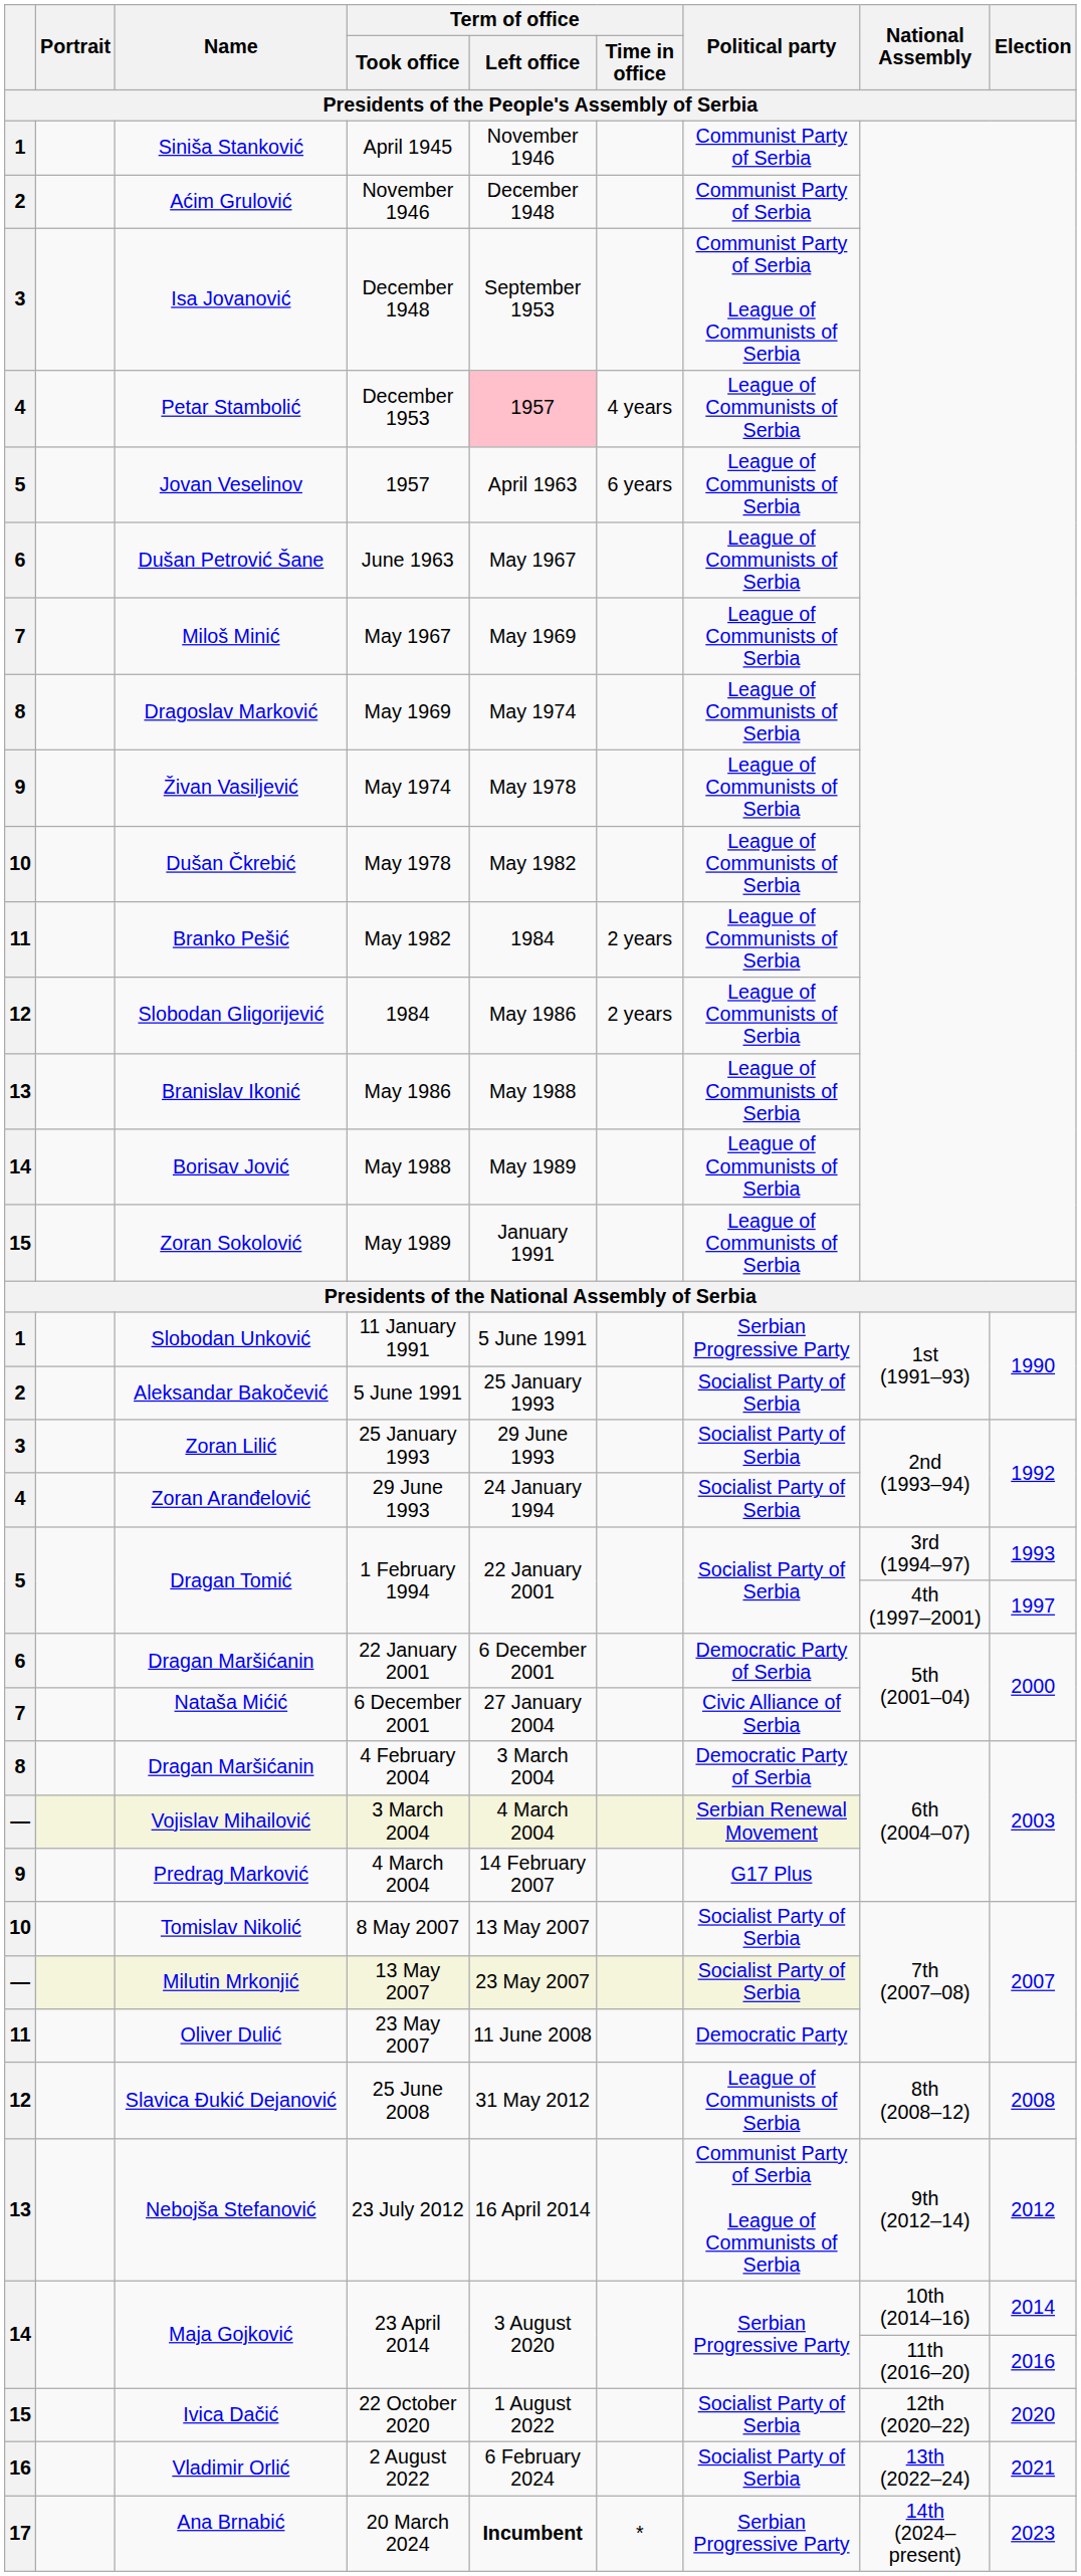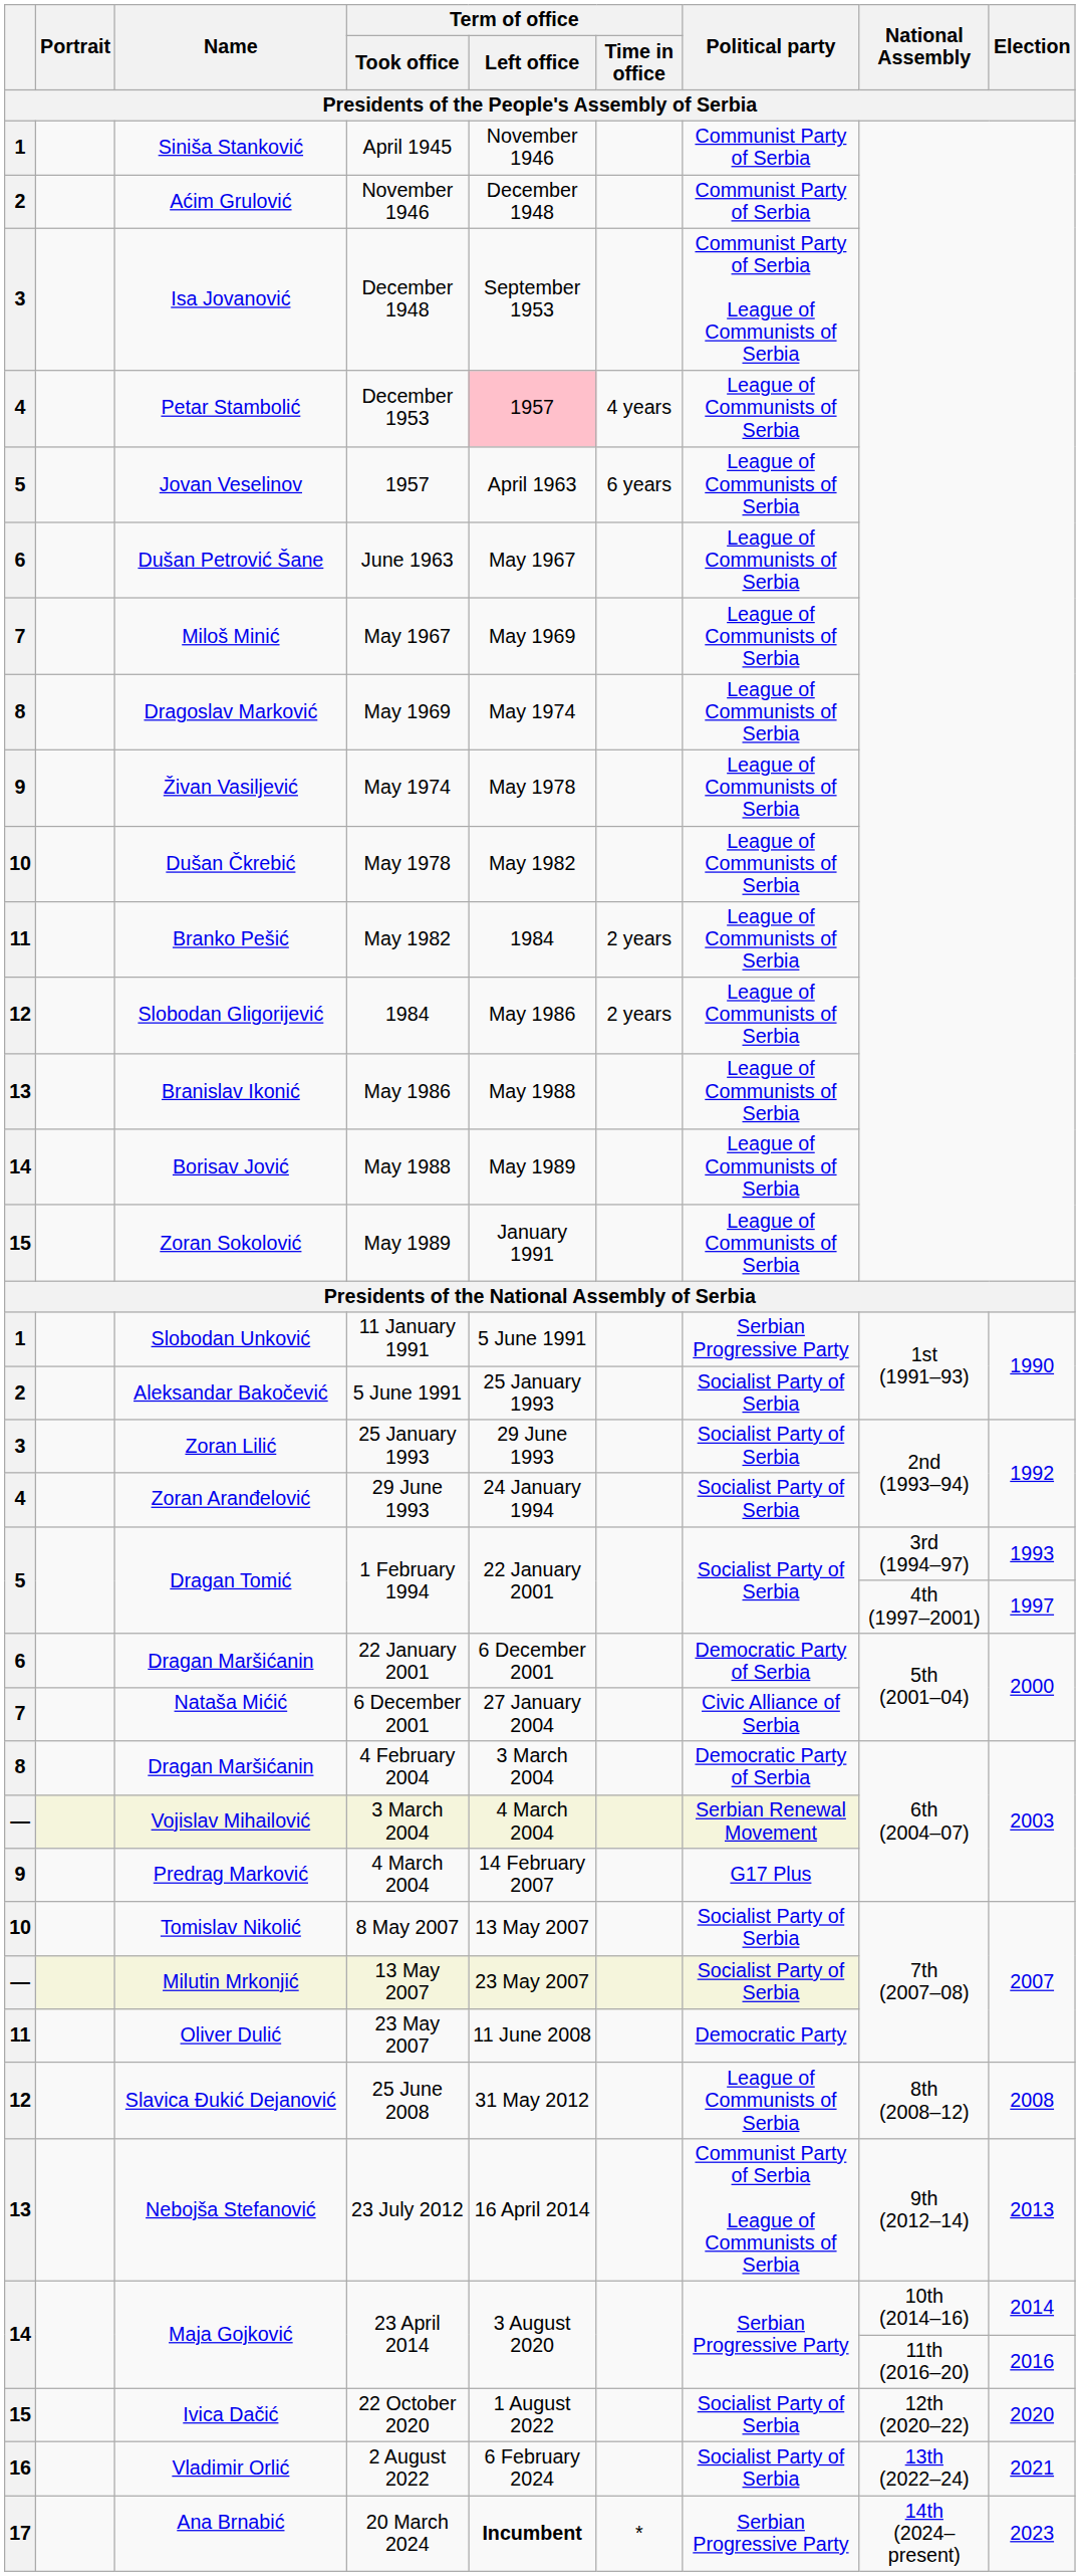 <table class="wikitable" style="text-align:center">
 <tr>
 <th rowspan=2></th>
 <th rowspan=2>Portrait</th>
 <th rowspan=2 width=180>Name<br></th>
 <th colspan=3>Term of office</th>
 <th rowspan=2>Political party</th>
 <th rowspan=2>National Assembly</th>
 <th rowspan=2>Election</th>
 </tr>
 <tr>
 <th>Took office</th>
 <th>Left office</th>
 <th>Time in office</th>
 </tr>
 <tr>
 <th colspan=9>Presidents of the People's Assembly of Serbia</th>
 </tr>
 <tr>
 <th style="background:">1</th>
 <td></td>
 <td><a href='#'>Siniša Stanković</a><br></td>
 <td>April 1945</td>
 <td>November 1946</td>
 <td></td>
 <td><a href='#'>Communist Party of Serbia</a></td>
 </tr>
 <tr>
 <th style="background:">2</th>
 <td></td>
 <td><a href='#'>Aćim Grulović</a><br></td>
 <td>November 1946</td>
 <td>December 1948</td>
 <td></td>
 <td><a href='#'>Communist Party of Serbia</a></td>
 </tr>
 <tr>
 <th style="background:">3</th>
 <td></td>
 <td><a href='#'>Isa Jovanović</a><br></td>
 <td>December 1948</td>
 <td>September 1953</td>
 <td></td>
 <td><a href='#'>Communist Party of Serbia</a><br><br><a href='#'>League of Communists of Serbia</a></td>
 </tr>
 <tr>
 <th style="background:">4</th>
 <td></td>
 <td><a href='#'>Petar Stambolić</a><br></td>
 <td>December 1953</td>
 <td style="background: pink;">1957</td>
 <td>4 years</td>
 <td><a href='#'>League of Communists of Serbia</a></td>
 </tr>
 <tr>
 <th style="background:">5</th>
 <td></td>
 <td><a href='#'>Jovan Veselinov</a><br></td>
 <td>1957</td>
 <td>April 1963</td>
 <td>6 years</td>
 <td><a href='#'>League of Communists of Serbia</a></td>
 </tr>
 <tr>
 <th style="background:">6</th>
 <td></td>
 <td><a href='#'>Dušan Petrović Šane</a><br></td>
 <td>June 1963</td>
 <td>May 1967</td>
 <td></td>
 <td><a href='#'>League of Communists of Serbia</a></td>
 </tr>
 <tr>
 <th style="background:">7</th>
 <td></td>
 <td><a href='#'>Miloš Minić</a><br></td>
 <td>May 1967</td>
 <td>May 1969</td>
 <td></td>
 <td><a href='#'>League of Communists of Serbia</a></td>
 </tr>
 <tr>
 <th style="background:">8</th>
 <td></td>
 <td><a href='#'>Dragoslav Marković</a><br></td>
 <td>May 1969</td>
 <td>May 1974</td>
 <td></td>
 <td><a href='#'>League of Communists of Serbia</a></td>
 </tr>
 <tr>
 <th style="background:">9</th>
 <td></td>
 <td><a href='#'>Živan Vasiljević</a><br></td>
 <td>May 1974</td>
 <td>May 1978</td>
 <td></td>
 <td><a href='#'>League of Communists of Serbia</a></td>
 </tr>
 <tr>
 <th style="background:">10</th>
 <td></td>
 <td><a href='#'>Dušan Čkrebić</a><br></td>
 <td>May 1978</td>
 <td>May 1982</td>
 <td></td>
 <td><a href='#'>League of Communists of Serbia</a></td>
 </tr>
 <tr>
 <th style="background:">11</th>
 <td></td>
 <td><a href='#'>Branko Pešić</a><br></td>
 <td>May 1982</td>
 <td>1984</td>
 <td>2 years</td>
 <td><a href='#'>League of Communists of Serbia</a></td>
 </tr>
 <tr>
 <th style="background:">12</th>
 <td></td>
 <td><a href='#'>Slobodan Gligorijević</a><br></td>
 <td>1984</td>
 <td>May 1986</td>
 <td>2 years</td>
 <td><a href='#'>League of Communists of Serbia</a></td>
 </tr>
 <tr>
 <th style="background:">13</th>
 <td></td>
 <td><a href='#'>Branislav Ikonić</a><br></td>
 <td>May 1986</td>
 <td>May 1988</td>
 <td></td>
 <td><a href='#'>League of Communists of Serbia</a></td>
 </tr>
 <tr>
 <th style="background:">14</th>
 <td></td>
 <td><a href='#'>Borisav Jović</a><br></td>
 <td>May 1988</td>
 <td>May 1989</td>
 <td></td>
 <td><a href='#'>League of Communists of Serbia</a></td>
 </tr>
 <tr>
 <th style="background:">15</th>
 <td></td>
 <td><a href='#'>Zoran Sokolović</a><br></td>
 <td>May 1989</td>
 <td>January 1991</td>
 <td></td>
 <td><a href='#'>League of Communists of Serbia</a></td>
 </tr>
 <tr>
 <th colspan=9>Presidents of the National Assembly of Serbia</th>
 </tr>
 <tr>
 <th style="background:">1<br></th>
 <td></td>
 <td><a href='#'>Slobodan Unković</a><br></td>
 <td>11 January 1991</td>
 <td>5 June 1991</td>
 <td></td>
 <td><a href='#'>Serbian Progressive Party</a></td>
 <td rowspan=2>1st<br>(1991–93)</td>
 <td rowspan=2><a href='#'>1990</a></td>
 </tr>
 <tr>
 <th style="background:">2<br></th>
 <td></td>
 <td><a href='#'>Aleksandar Bakočević</a><br></td>
 <td>5 June 1991</td>
 <td>25 January 1993</td>
 <td></td>
 <td><a href='#'>Socialist Party of Serbia</a></td>
 </tr>
 <tr>
 <th style="background:">3<br></th>
 <td></td>
 <td><a href='#'>Zoran Lilić</a><br></td>
 <td>25 January 1993</td>
 <td>29 June 1993</td>
 <td></td>
 <td><a href='#'>Socialist Party of Serbia</a></td>
 <td rowspan=2>2nd<br>(1993–94)</td>
 <td rowspan=2><a href='#'>1992</a></td>
 </tr>
 <tr>
 <th style="background:">4<br></th>
 <td></td>
 <td><a href='#'>Zoran Aranđelović</a><br></td>
 <td>29 June 1993</td>
 <td>24 January 1994</td>
 <td></td>
 <td><a href='#'>Socialist Party of Serbia</a></td>
 </tr>
 <tr>
 <th rowspan=2 style="background:">5<br></th>
 <td rowspan=2></td>
 <td rowspan=2><a href='#'>Dragan Tomić</a><br></td>
 <td rowspan=2>1 February 1994</td>
 <td rowspan=2>22 January 2001</td>
 <td rowspan=2></td>
 <td rowspan=2><a href='#'>Socialist Party of Serbia</a></td>
 <td>3rd<br>(1994–97)</td>
 <td><a href='#'>1993</a></td>
 </tr>
 <tr>
 <td>4th<br>(1997–2001)</td>
 <td><a href='#'>1997</a></td>
 </tr>
 <tr>
 <th style="background:">6<br></th>
 <td></td>
 <td><a href='#'>Dragan Maršićanin</a><br></td>
 <td>22 January 2001</td>
 <td>6 December 2001</td>
 <td></td>
 <td><a href='#'>Democratic Party of Serbia</a><br></td>
 <td rowspan=2>5th<br>(2001–04)</td>
 <td rowspan=2><a href='#'>2000</a></td>
 </tr>
 <tr>
 <th style="background:">7<br></th>
 <td></td>
 <td><a href='#'>Nataša Mićić</a><br><br></td>
 <td>6 December 2001</td>
 <td>27 January 2004</td>
 <td></td>
 <td><a href='#'>Civic Alliance of Serbia</a><br></td>
 </tr>
 <tr>
 <th style="background:">8<br></th>
 <td></td>
 <td><a href='#'>Dragan Maršićanin</a><br></td>
 <td>4 February 2004</td>
 <td>3 March 2004</td>
 <td></td>
 <td><a href='#'>Democratic Party of Serbia</a></td>
 <td rowspan=3>6th<br>(2004–07)</td>
 <td rowspan=3><a href='#'>2003</a></td>
 </tr>
 <tr style="background:#F5F5DC;">
 <th style="background:">—</th>
 <td></td>
 <td><a href='#'>Vojislav Mihailović</a><br></td>
 <td>3 March 2004</td>
 <td>4 March 2004</td>
 <td></td>
 <td><a href='#'>Serbian Renewal Movement</a></td>
 </tr>
 <tr>
 <th style="background:">9<br></th>
 <td></td>
 <td><a href='#'>Predrag Marković</a><br></td>
 <td>4 March 2004</td>
 <td>14 February 2007</td>
 <td></td>
 <td><a href='#'>G17 Plus</a></td>
 </tr>
 <tr>
 <th style="background:">10<br></th>
 <td></td>
 <td><a href='#'>Tomislav Nikolić</a><br></td>
 <td>8 May 2007</td>
 <td>13 May 2007</td>
 <td></td>
 <td><a href='#'>Socialist Party of Serbia</a></td>
 <td rowspan=3>7th<br>(2007–08)</td>
 <td rowspan=3><a href='#'>2007</a></td>
 </tr>
 <tr style="background:#F5F5DC;">
 <th style="background:">—</th>
 <td></td>
 <td><a href='#'>Milutin Mrkonjić</a><br></td>
 <td>13 May 2007</td>
 <td>23 May 2007</td>
 <td></td>
 <td><a href='#'>Socialist Party of Serbia</a></td>
 </tr>
 <tr>
 <th style="background:">11<br></th>
 <td></td>
 <td><a href='#'>Oliver Dulić</a><br></td>
 <td>23 May 2007</td>
 <td>11 June 2008</td>
 <td></td>
 <td><a href='#'>Democratic Party</a></td>
 </tr>
 <tr>
 <th style="background:">12<br></th>
 <td></td>
 <td><a href='#'>Slavica Đukić Dejanović</a><br></td>
 <td>25 June 2008</td>
 <td>31 May 2012</td>
 <td></td>
 <td><a href='#'>League of Communists of Serbia</a></td>
 <td>8th<br>(2008–12)</td>
 <td><a href='#'>2008</a></td>
 </tr>
 <tr>
 <th style="background:">13<br></th>
 <td></td>
 <td><a href='#'>Nebojša Stefanović</a><br></td>
 <td>23 July 2012</td>
 <td>16 April 2014</td>
 <td></td>
 <td><a href='#'>Communist Party of Serbia</a><br><br><a href='#'>League of Communists of Serbia</a></td>
 <td>9th<br>(2012–14)</td>
-<td><a href='#'>2012</a></td>
+<td><a href='#'>2013</a></td>
 </tr>
 <tr>
 <th rowspan=2 style="background:">14<br></th>
 <td rowspan=2></td>
 <td rowspan=2><a href='#'>Maja Gojković</a><br></td>
 <td rowspan=2>23 April 2014</td>
 <td rowspan=2>3 August 2020</td>
 <td rowspan=2></td>
 <td rowspan=2><a href='#'>Serbian Progressive Party</a></td>
 <td>10th<br>(2014–16)</td>
 <td><a href='#'>2014</a></td>
 </tr>
 <tr>
 <td>11th<br>(2016–20)</td>
 <td><a href='#'>2016</a></td>
 </tr>
 <tr>
 <th style="background:">15<br></th>
 <td></td>
 <td><a href='#'>Ivica Dačić</a><br></td>
 <td>22 October 2020</td>
 <td>1 August 2022</td>
 <td></td>
 <td><a href='#'>Socialist Party of Serbia</a></td>
 <td>12th<br>(2020–22)</td>
 <td><a href='#'>2020</a></td>
 </tr>
 <tr>
 <th style="background:">16<br></th>
 <td></td>
 <td><a href='#'>Vladimir Orlić</a><br></td>
 <td>2 August 2022</td>
 <td>6 February 2024</td>
 <td></td>
 <td><a href='#'>Socialist Party of Serbia</a></td>
 <td><a href='#'>13th</a><br>(2022–24)</td>
 <td><a href='#'>2021</a></td>
 </tr>
 <tr>
 <th style="background:">17<br></th>
 <td></td>
 <td><a href='#'>Ana Brnabić</a><br><br></td>
 <td>20 March 2024</td>
 <td><strong>Incumbent</strong></td>
 <td>*</td>
 <td><a href='#'>Serbian Progressive Party</a></td>
 <td><a href='#'>14th</a><br>(2024–present)</td>
 <td><a href='#'>2023</a></td>
 </tr>
 </table>
